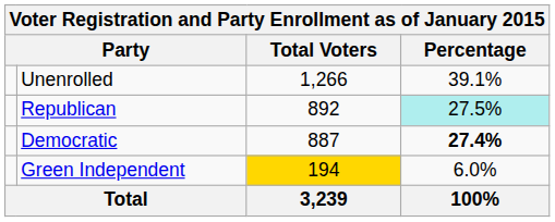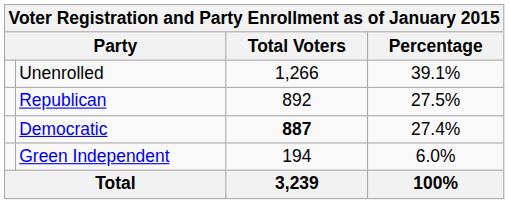 <table class=wikitable>
 <tr>
 <th colspan = 6>Voter Registration and Party Enrollment as of January 2015</th>
 </tr>
 <tr>
 <th colspan = 2>Party</th>
 <th>Total Voters</th>
 <th>Percentage</th>
 </tr>
 <tr>
 <td></td>
 <td>Unenrolled</td>
 <td align = center>1,266</td>
 <td align = center>39.1%</td>
 </tr>
 <tr>
 <td></td>
 <td><a href='#'>Republican</a></td>
 <td align = center>892</td>
-<td align = center style="background: paleturquoise;">27.5%</td>
+<td align = center>27.5%</td>
 </tr>
 <tr>
 <td></td>
 <td><a href='#'>Democratic</a></td>
-<td align = center>887</td>
-<td align = center><strong>27.4%</strong></td>
+<td align = center><strong>887</strong></td>
+<td align = center>27.4%</td>
 </tr>
 <tr>
 <td></td>
 <td><a href='#'>Green Independent</a></td>
-<td align = center style="background: gold;">194</td>
+<td align = center>194</td>
 <td align = center>6.0%</td>
 </tr>
 <tr>
 <th colspan = 2>Total</th>
 <th align = center>3,239</th>
 <th align = center>100%</th>
 </tr>
 </table>
